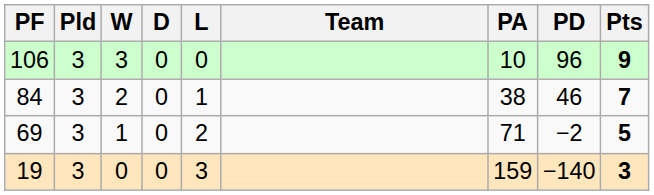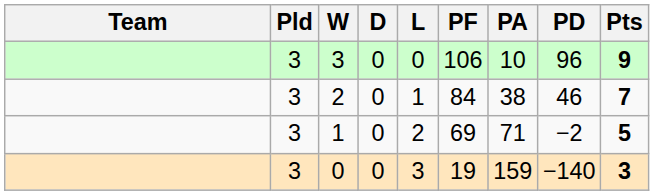 <table class="wikitable" style="text-align:center;">
 <tr>
-<th width=20 abbr="Points for">PF</th>
+<th width=175>Team</th>
 <th width=20 abbr="Played">Pld</th>
 <th width=20 abbr="Won">W</th>
 <th width=20 abbr="Drawn">D</th>
 <th width=20 abbr="Lost">L</th>
-<th width=175>Team</th>
+<th width=20 abbr="Points for">PF</th>
 <th width=20 abbr="Points against">PA</th>
 <th width=30 abbr="Points difference">PD</th>
 <th width=20 abbr="Points">Pts</th>
 </tr>
 <tr bgcolor=ccffcc>
-<td>106</td>
+<td align=left></td>
 <td>3</td>
 <td>3</td>
 <td>0</td>
 <td>0</td>
-<td align=left></td>
+<td>106</td>
 <td>10</td>
 <td>96</td>
 <td><strong> 9 </strong></td>
 </tr>
 <tr>
-<td>84</td>
+<td align=left></td>
 <td>3</td>
 <td>2</td>
 <td>0</td>
 <td>1</td>
-<td align=left></td>
+<td>84</td>
 <td>38</td>
 <td>46</td>
 <td><strong> 7 </strong></td>
 </tr>
 <tr>
-<td>69</td>
+<td align=left></td>
 <td>3</td>
 <td>1</td>
 <td>0</td>
 <td>2</td>
-<td align=left></td>
+<td>69</td>
 <td>71</td>
 <td>−2</td>
 <td><strong> 5 </strong></td>
 </tr>
 <tr bgcolor=ffe6bd>
-<td>19</td>
+<td align=left></td>
 <td>3</td>
 <td>0</td>
 <td>0</td>
 <td>3</td>
-<td align=left></td>
+<td>19</td>
 <td>159</td>
 <td>−140</td>
 <td><strong> 3 </strong></td>
 </tr>
 </table>
